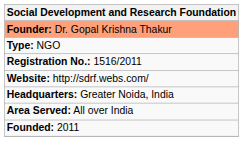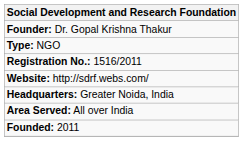 <table class="wikitable">
 <tr>
 <th><strong>Social Development and Research Foundation</strong></th>
 </tr>
 <tr>
-<td style="background: lightsalmon;"><strong>Founder:</strong> Dr. Gopal Krishna Thakur</td>
+<td><strong>Founder:</strong> Dr. Gopal Krishna Thakur</td>
 </tr>
 <tr>
 <td><strong>Type:</strong> NGO</td>
 </tr>
 <tr>
 <td><strong>Registration No.:</strong> 1516/2011</td>
 </tr>
 <tr>
 <td><strong>Website:</strong> http://sdrf.webs.com/</td>
 </tr>
 <tr>
 <td><strong>Headquarters:</strong> Greater Noida, India</td>
 </tr>
 <tr>
 <td><strong>Area Served:</strong> All over India</td>
 </tr>
 <tr>
 <td><strong>Founded:</strong> 2011</td>
 </tr>
 <tr>
 </tr>
 </table>
